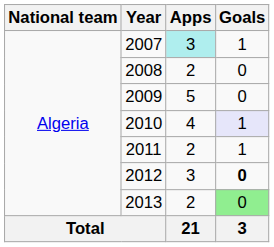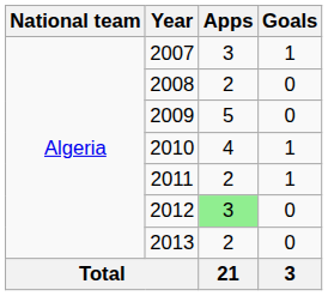 <table class="wikitable" style="text-align: center;">
 <tr>
 <th>National team</th>
 <th>Year</th>
 <th>Apps</th>
 <th>Goals</th>
 </tr>
 <tr>
 <td rowspan="7"><a href='#'>Algeria</a></td>
 <td>2007</td>
-<td style="background: paleturquoise;">3</td>
+<td>3</td>
 <td>1</td>
 </tr>
 <tr>
 <td>2008</td>
 <td>2</td>
 <td>0</td>
 </tr>
 <tr>
 <td>2009</td>
 <td>5</td>
 <td>0</td>
 </tr>
 <tr>
 <td>2010</td>
 <td>4</td>
-<td style="background: lavender;">1</td>
+<td>1</td>
 </tr>
 <tr>
 <td>2011</td>
 <td>2</td>
 <td>1</td>
 </tr>
 <tr>
 <td>2012</td>
-<td>3</td>
-<td><strong>0</strong></td>
+<td style="background: lightgreen;">3</td>
+<td>0</td>
 </tr>
 <tr>
 <td>2013</td>
 <td>2</td>
-<td style="background: lightgreen;">0</td>
+<td>0</td>
 </tr>
 <tr>
 <th colspan="2">Total</th>
 <th>21</th>
 <th>3</th>
 </tr>
 </table>
